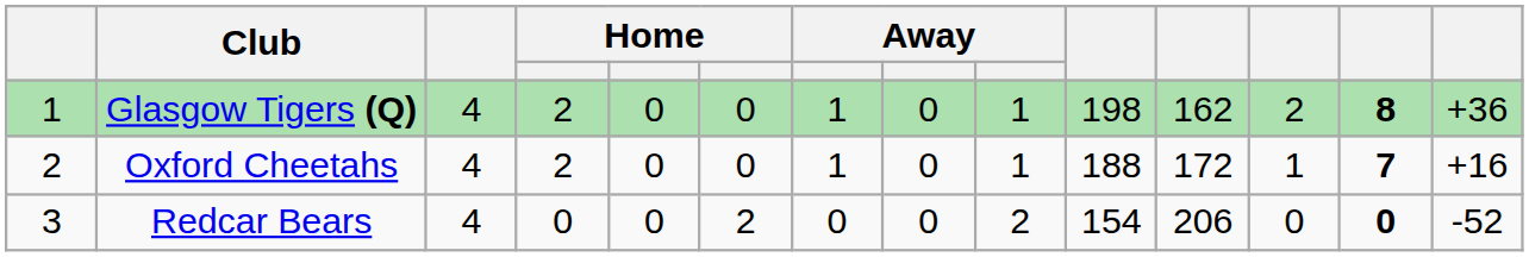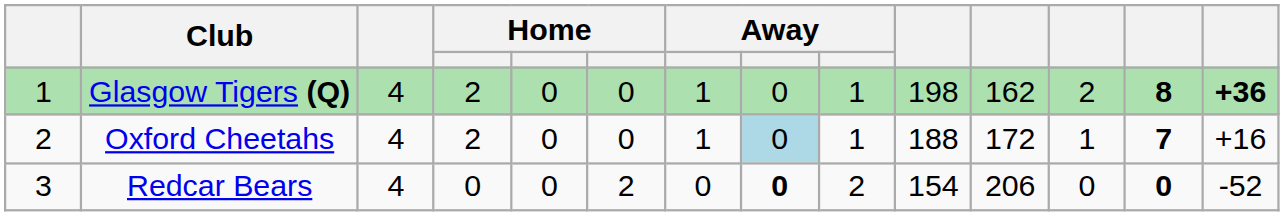 <table class="wikitable" style="text-align:center; font-size:85%">
 <tr>
 <th rowspan="2" style="width:28px;"></th>
 <th rowspan=2>Club</th>
 <th rowspan="2" style="width:28px;"></th>
 <th colspan=3>Home</th>
 <th colspan=3>Away</th>
 <th rowspan="2" style="width:28px;"></th>
 <th rowspan="2" style="width:28px;"></th>
 <th rowspan="2" style="width:28px;"></th>
 <th rowspan="2" style="width:28px;"></th>
 <th rowspan="2" style="width:28px;"></th>
 </tr>
 <tr>
 <th width=28></th>
 <th width=28></th>
 <th width=28></th>
 <th width=28></th>
 <th width=28></th>
 <th width=28></th>
 </tr>
 <tr style="background:#ACE1AF;">
 <td align="center">1</td>
 <td><a href='#'>Glasgow Tigers</a> <strong>(Q)</strong></td>
 <td align="center">4</td>
 <td align="center">2</td>
 <td align="center">0</td>
 <td align="center">0</td>
 <td align="center">1</td>
 <td align="center">0</td>
 <td align="center">1</td>
 <td align="center">198</td>
 <td align="center">162</td>
 <td align="center">2</td>
 <td align="center"><strong>8</strong></td>
-<td align="center">+36</td>
+<td align="center"><strong>+36</strong></td>
 </tr>
 <tr>
 <td align="center">2</td>
 <td><a href='#'>Oxford Cheetahs</a></td>
 <td align="center">4</td>
 <td align="center">2</td>
 <td align="center">0</td>
 <td align="center">0</td>
 <td align="center">1</td>
-<td align="center">0</td>
+<td align="center" style="background: lightblue;">0</td>
 <td align="center">1</td>
 <td align="center">188</td>
 <td align="center">172</td>
 <td align="center">1</td>
 <td align="center"><strong>7</strong></td>
 <td align="center">+16</td>
 </tr>
 <tr>
 <td align="center">3</td>
 <td><a href='#'>Redcar Bears</a></td>
 <td align="center">4</td>
 <td align="center">0</td>
 <td align="center">0</td>
 <td align="center">2</td>
 <td align="center">0</td>
-<td align="center">0</td>
+<td align="center"><strong>0</strong></td>
 <td align="center">2</td>
 <td align="center">154</td>
 <td align="center">206</td>
 <td align="center">0</td>
 <td align="center"><strong>0</strong></td>
 <td align="center">-52</td>
 </tr>
 </table>
